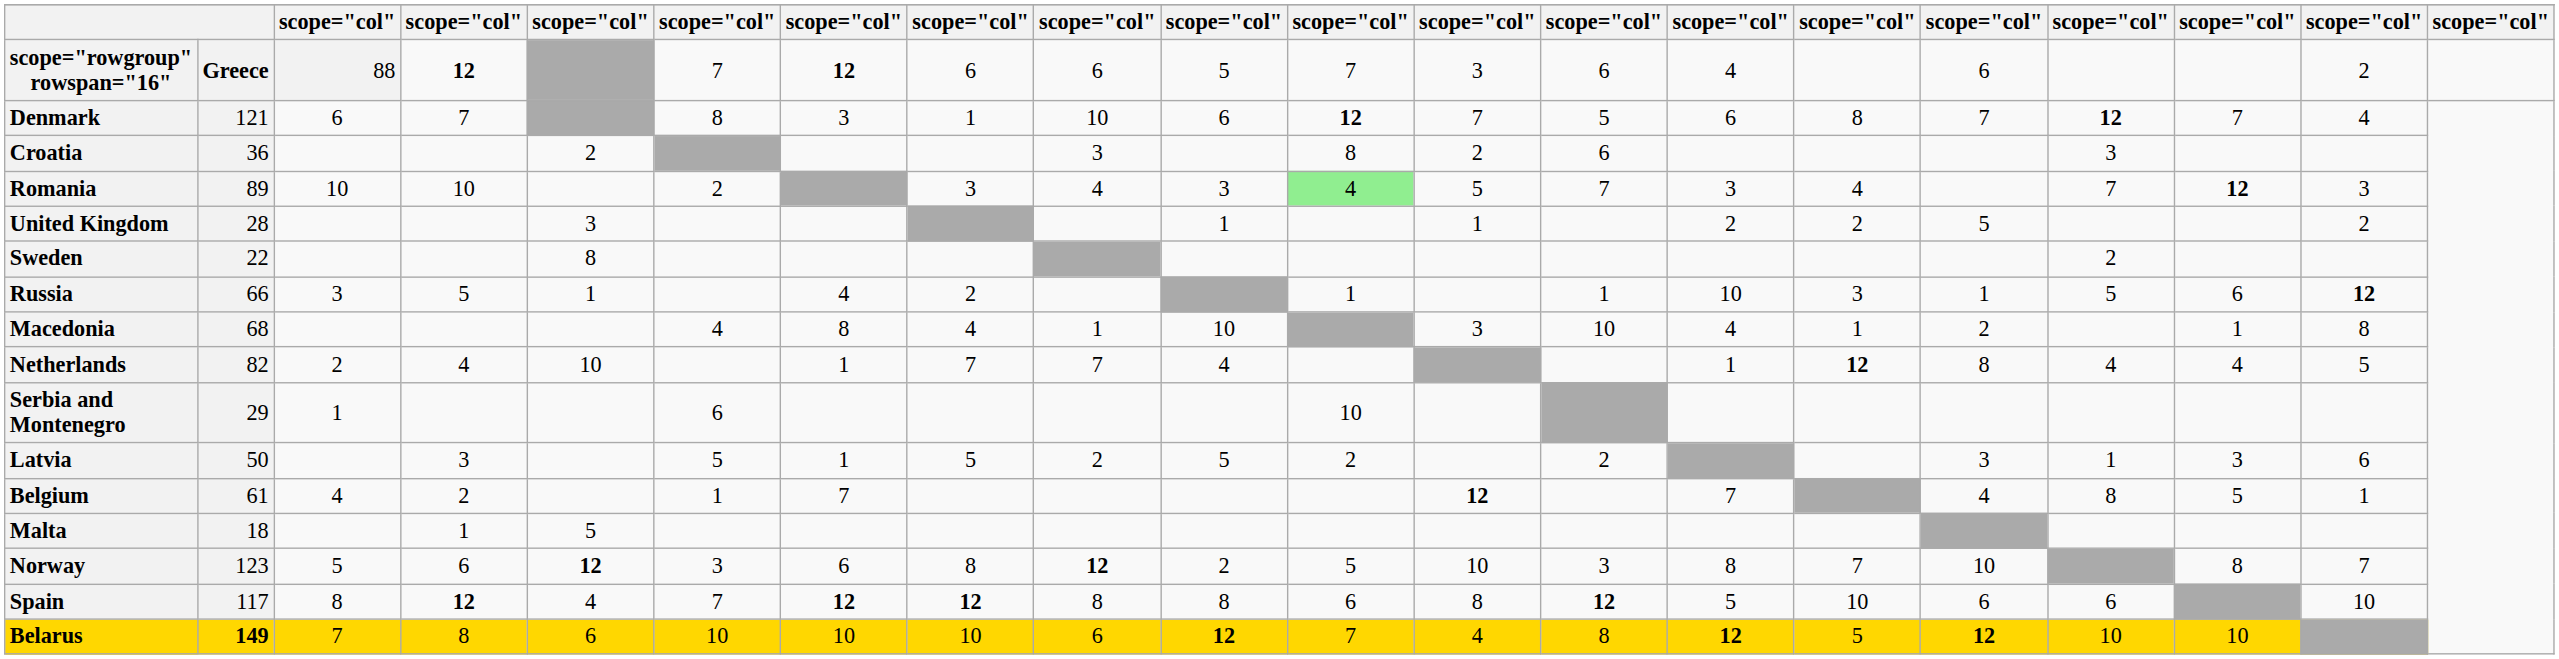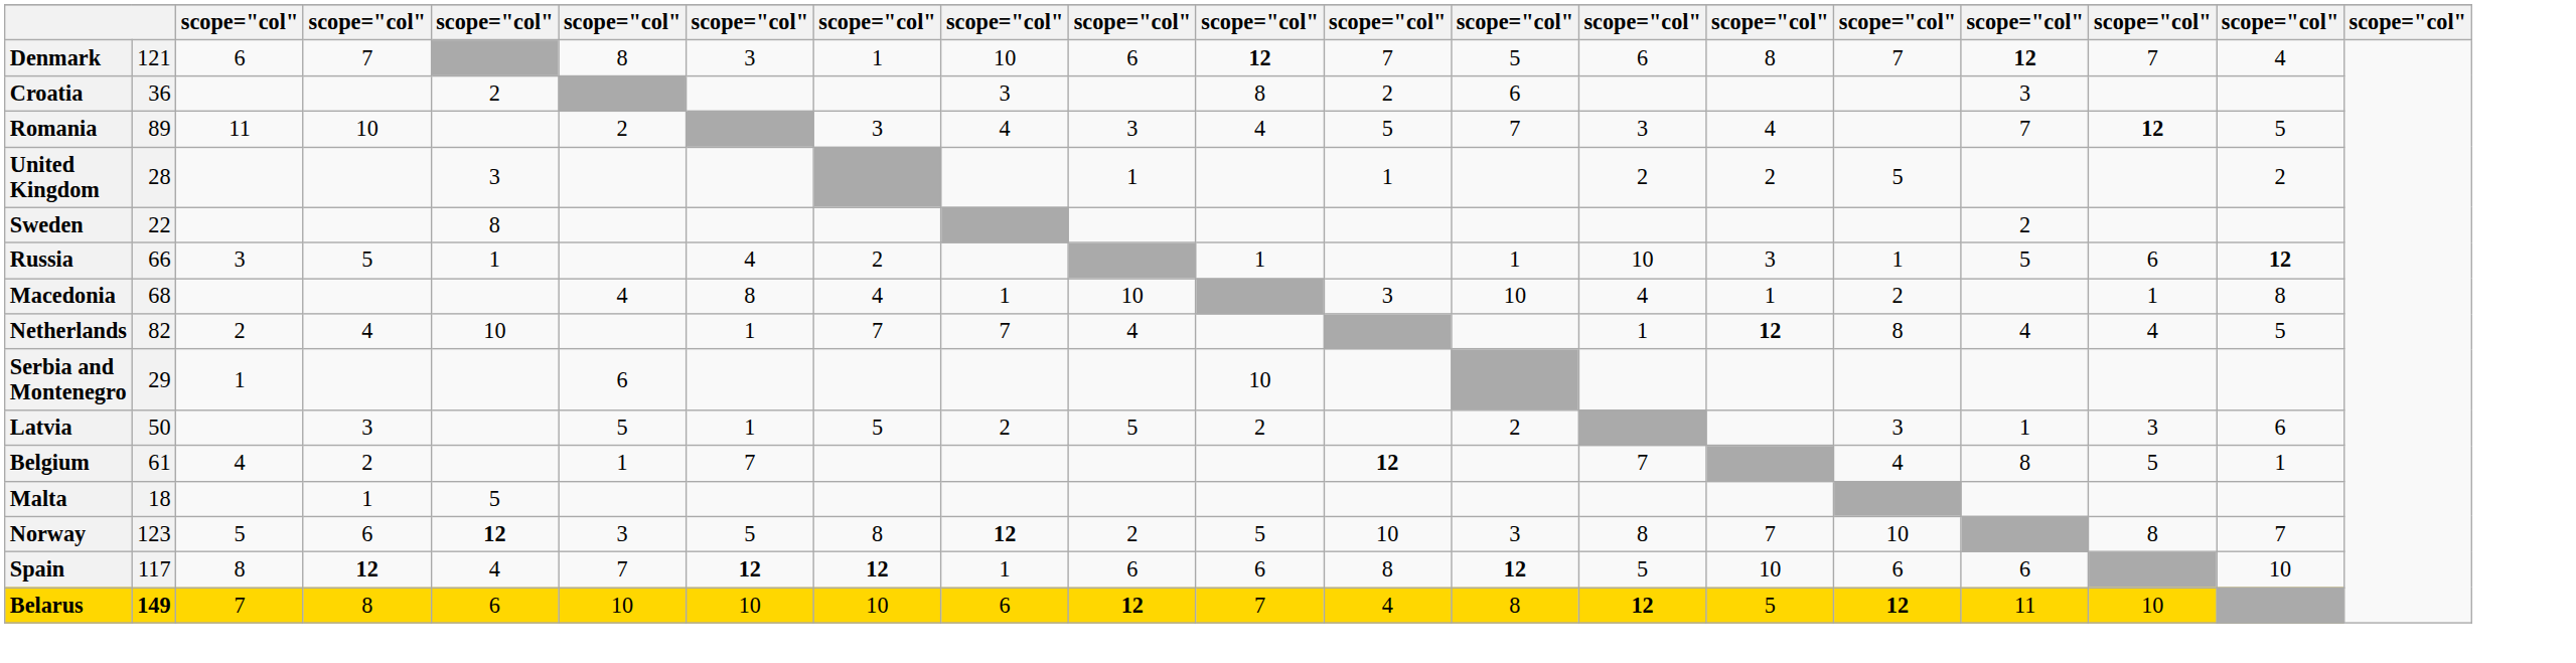 <table class="wikitable plainrowheaders" style="text-align:center;">
 <tr>
 </tr>
 <tr>
 <th colspan="2"></th>
 <th>scope="col" </th>
 <th>scope="col" </th>
 <th>scope="col" </th>
 <th>scope="col" </th>
 <th>scope="col" </th>
 <th>scope="col" </th>
 <th>scope="col" </th>
 <th>scope="col" </th>
 <th>scope="col" </th>
 <th>scope="col" </th>
 <th>scope="col" </th>
 <th>scope="col" </th>
 <th>scope="col" </th>
 <th>scope="col" </th>
 <th>scope="col" </th>
 <th>scope="col" </th>
 <th>scope="col" </th>
 <th>scope="col" </th>
-</tr>
-<tr>
-<th>scope="rowgroup" rowspan="16" </th>
-<th scope="row" style="text-align:left; background:#f2f2f2;">Greece</th>
-<td style="text-align:right; background:#f2f2f2;">88</td>
-<td><strong>12</strong></td>
-<td style="text-align:left; background:#aaa;"></td>
-<td>7</td>
-<td><strong>12</strong></td>
-<td>6</td>
-<td>6</td>
-<td>5</td>
-<td>7</td>
-<td>3</td>
-<td>6</td>
-<td>4</td>
-<td></td>
-<td>6</td>
-<td></td>
-<td></td>
-<td>2</td>
-<td></td>
 </tr>
 <tr>
 <th scope="row" style="text-align:left; background:#f2f2f2;">Denmark</th>
 <td style="text-align:right; background:#f2f2f2;">121</td>
 <td>6</td>
 <td>7</td>
 <td style="text-align:left; background:#aaa;"></td>
 <td>8</td>
 <td>3</td>
 <td>1</td>
 <td>10</td>
 <td>6</td>
 <td><strong>12</strong></td>
 <td>7</td>
 <td>5</td>
 <td>6</td>
 <td>8</td>
 <td>7</td>
 <td><strong>12</strong></td>
 <td>7</td>
 <td>4</td>
 </tr>
 <tr>
 <th scope="row" style="text-align:left; background:#f2f2f2;">Croatia</th>
 <td style="text-align:right; background:#f2f2f2;">36</td>
 <td></td>
 <td></td>
 <td>2</td>
 <td style="text-align:left; background:#aaa;"></td>
 <td></td>
 <td></td>
 <td>3</td>
 <td></td>
 <td>8</td>
 <td>2</td>
 <td>6</td>
 <td></td>
 <td></td>
 <td></td>
 <td>3</td>
 <td></td>
 <td></td>
 </tr>
 <tr>
 <th scope="row" style="text-align:left; background:#f2f2f2;">Romania</th>
 <td style="text-align:right; background:#f2f2f2;">89</td>
-<td>10</td>
+<td>11</td>
 <td>10</td>
 <td></td>
 <td>2</td>
 <td style="text-align:left; background:#aaa;"></td>
 <td>3</td>
 <td>4</td>
 <td>3</td>
-<td style="background: lightgreen;">4</td>
+<td>4</td>
 <td>5</td>
 <td>7</td>
 <td>3</td>
 <td>4</td>
 <td></td>
 <td>7</td>
 <td><strong>12</strong></td>
-<td>3</td>
+<td>5</td>
 </tr>
 <tr>
 <th scope="row" style="text-align:left; background:#f2f2f2;">United Kingdom</th>
 <td style="text-align:right; background:#f2f2f2;">28</td>
 <td></td>
 <td></td>
 <td>3</td>
 <td></td>
 <td></td>
 <td style="text-align:left; background:#aaa;"></td>
 <td></td>
 <td>1</td>
 <td></td>
 <td>1</td>
 <td></td>
 <td>2</td>
 <td>2</td>
 <td>5</td>
 <td></td>
 <td></td>
 <td>2</td>
 </tr>
 <tr>
 <th scope="row" style="text-align:left; background:#f2f2f2;">Sweden</th>
 <td style="text-align:right; background:#f2f2f2;">22</td>
 <td></td>
 <td></td>
 <td>8</td>
 <td></td>
 <td></td>
 <td></td>
 <td style="text-align:left; background:#aaa;"></td>
 <td></td>
 <td></td>
 <td></td>
 <td></td>
 <td></td>
 <td></td>
 <td></td>
 <td>2</td>
 <td></td>
 <td></td>
 </tr>
 <tr>
 <th scope="row" style="text-align:left; background:#f2f2f2;">Russia</th>
 <td style="text-align:right; background:#f2f2f2;">66</td>
 <td>3</td>
 <td>5</td>
 <td>1</td>
 <td></td>
 <td>4</td>
 <td>2</td>
 <td></td>
 <td style="text-align:left; background:#aaa;"></td>
 <td>1</td>
 <td></td>
 <td>1</td>
 <td>10</td>
 <td>3</td>
 <td>1</td>
 <td>5</td>
 <td>6</td>
 <td><strong>12</strong></td>
 </tr>
 <tr>
 <th scope="row" style="text-align:left; background:#f2f2f2;">Macedonia</th>
 <td style="text-align:right; background:#f2f2f2;">68</td>
 <td></td>
 <td></td>
 <td></td>
 <td>4</td>
 <td>8</td>
 <td>4</td>
 <td>1</td>
 <td>10</td>
 <td style="text-align:left; background:#aaa;"></td>
 <td>3</td>
 <td>10</td>
 <td>4</td>
 <td>1</td>
 <td>2</td>
 <td></td>
 <td>1</td>
 <td>8</td>
 </tr>
 <tr>
 <th scope="row" style="text-align:left; background:#f2f2f2;">Netherlands</th>
 <td style="text-align:right; background:#f2f2f2;">82</td>
 <td>2</td>
 <td>4</td>
 <td>10</td>
 <td></td>
 <td>1</td>
 <td>7</td>
 <td>7</td>
 <td>4</td>
 <td></td>
 <td style="text-align:left; background:#aaa;"></td>
 <td></td>
 <td>1</td>
 <td><strong>12</strong></td>
 <td>8</td>
 <td>4</td>
 <td>4</td>
 <td>5</td>
 </tr>
 <tr>
 <th scope="row" style="text-align:left; background:#f2f2f2;">Serbia and Montenegro</th>
 <td style="text-align:right; background:#f2f2f2;">29</td>
 <td>1</td>
 <td></td>
 <td></td>
 <td>6</td>
 <td></td>
 <td></td>
 <td></td>
 <td></td>
 <td>10</td>
 <td></td>
 <td style="text-align:left; background:#aaa;"></td>
 <td></td>
 <td></td>
 <td></td>
 <td></td>
 <td></td>
 <td></td>
 </tr>
 <tr>
 <th scope="row" style="text-align:left; background:#f2f2f2;">Latvia</th>
 <td style="text-align:right; background:#f2f2f2;">50</td>
 <td></td>
 <td>3</td>
 <td></td>
 <td>5</td>
 <td>1</td>
 <td>5</td>
 <td>2</td>
 <td>5</td>
 <td>2</td>
 <td></td>
 <td>2</td>
 <td style="text-align:left; background:#aaa;"></td>
 <td></td>
 <td>3</td>
 <td>1</td>
 <td>3</td>
 <td>6</td>
 </tr>
 <tr>
 <th scope="row" style="text-align:left; background:#f2f2f2;">Belgium</th>
 <td style="text-align:right; background:#f2f2f2;">61</td>
 <td>4</td>
 <td>2</td>
 <td></td>
 <td>1</td>
 <td>7</td>
 <td></td>
 <td></td>
 <td></td>
 <td></td>
 <td><strong>12</strong></td>
 <td></td>
 <td>7</td>
 <td style="text-align:left; background:#aaa;"></td>
 <td>4</td>
 <td>8</td>
 <td>5</td>
 <td>1</td>
 </tr>
 <tr>
 <th scope="row" style="text-align:left; background:#f2f2f2;">Malta</th>
 <td style="text-align:right; background:#f2f2f2;">18</td>
 <td></td>
 <td>1</td>
 <td>5</td>
 <td></td>
 <td></td>
 <td></td>
 <td></td>
 <td></td>
 <td></td>
 <td></td>
 <td></td>
 <td></td>
 <td></td>
 <td style="text-align:left; background:#aaa;"></td>
 <td></td>
 <td></td>
 <td></td>
 </tr>
 <tr>
 <th scope="row" style="text-align:left; background:#f2f2f2;">Norway</th>
 <td style="text-align:right; background:#f2f2f2;">123</td>
 <td>5</td>
 <td>6</td>
 <td><strong>12</strong></td>
 <td>3</td>
-<td>6</td>
+<td>5</td>
 <td>8</td>
 <td><strong>12</strong></td>
 <td>2</td>
 <td>5</td>
 <td>10</td>
 <td>3</td>
 <td>8</td>
 <td>7</td>
 <td>10</td>
 <td style="text-align:left; background:#aaa;"></td>
 <td>8</td>
 <td>7</td>
 </tr>
 <tr>
 <th scope="row" style="text-align:left; background:#f2f2f2;">Spain</th>
 <td style="text-align:right; background:#f2f2f2;">117</td>
 <td>8</td>
 <td><strong>12</strong></td>
 <td>4</td>
 <td>7</td>
 <td><strong>12</strong></td>
 <td><strong>12</strong></td>
-<td>8</td>
-<td>8</td>
+<td>1</td>
+<td>6</td>
 <td>6</td>
 <td>8</td>
 <td><strong>12</strong></td>
 <td>5</td>
 <td>10</td>
 <td>6</td>
 <td>6</td>
 <td style="text-align:left; background:#aaa;"></td>
 <td>10</td>
 </tr>
 <tr style="background:gold;">
 <th scope="row" style="text-align:left; font-weight:bold; background:gold;">Belarus</th>
 <td style="text-align:right; font-weight:bold;">149</td>
 <td>7</td>
 <td>8</td>
 <td>6</td>
 <td>10</td>
 <td>10</td>
 <td>10</td>
 <td>6</td>
 <td><strong>12</strong></td>
 <td>7</td>
 <td>4</td>
 <td>8</td>
 <td><strong>12</strong></td>
 <td>5</td>
 <td><strong>12</strong></td>
-<td>10</td>
+<td>11</td>
 <td>10</td>
 <td style="text-align:left; background:#aaa;"></td>
 </tr>
 </table>
